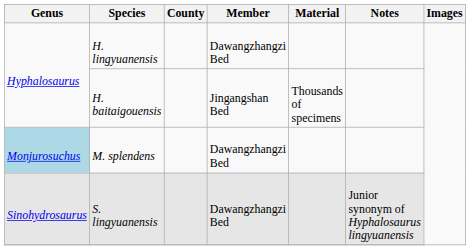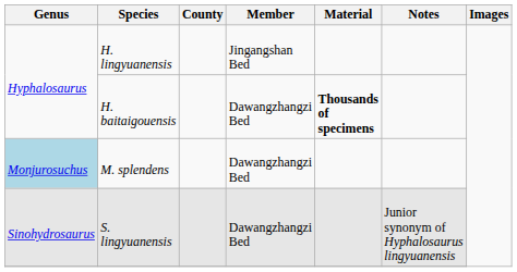 <table class="wikitable" align="center" width="100%">
 <tr>
 <th>Genus</th>
 <th>Species</th>
 <th>County</th>
 <th>Member</th>
 <th>Material</th>
 <th>Notes</th>
 <th>Images</th>
 </tr>
 <tr>
 <td rowspan=2><br><em><a href='#'>Hyphalosaurus</a></em></td>
 <td><br><em>H. lingyuanensis</em></td>
 <td></td>
-<td><br>Dawangzhangzi Bed</td>
+<td><br>Jingangshan Bed</td>
 <td></td>
 <td></td>
 <td rowspan="99"><br> </td>
 </tr>
 <tr>
 <td><br><em>H. baitaigouensis</em></td>
 <td></td>
-<td><br>Jingangshan Bed</td>
-<td><br>Thousands of specimens</td>
+<td><br>Dawangzhangzi Bed</td>
+<td><strong><br>Thousands of specimens</strong></td>
 <td></td>
 </tr>
 <tr>
 <td style="background: lightblue;"><br><em><a href='#'>Monjurosuchus</a></em></td>
 <td><br><em>M. splendens</em></td>
 <td></td>
 <td><br>Dawangzhangzi Bed</td>
 <td></td>
 <td></td>
 </tr>
 <tr>
 <td style="background:#E6E6E6;"><br><em><a href='#'>Sinohydrosaurus</a></em></td>
 <td style="background:#E6E6E6;"><br><em>S. lingyuanensis</em></td>
 <td style="background:#E6E6E6;"></td>
 <td style="background:#E6E6E6;"><br>Dawangzhangzi Bed</td>
 <td style="background:#E6E6E6;"></td>
 <td style="background:#E6E6E6;"><br>Junior synonym of <em>Hyphalosaurus lingyuanensis</em></td>
 </tr>
 <tr>
 </tr>
 </table>
